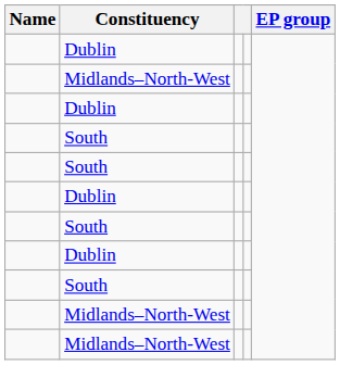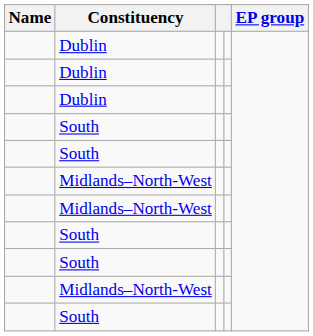 <table class="wikitable sortable">
 <tr>
 <th>Name</th>
 <th>Constituency</th>
 <th colspan=2></th>
 <th colspan=2><a href='#'>EP group</a></th>
 </tr>
 <tr>
 <td></td>
 <td><a href='#'>Dublin</a></td>
 <td></td>
 <td></td>
 </tr>
 <tr>
 <td></td>
-<td><a href='#'>Midlands–North-West</a></td>
+<td><a href='#'>Dublin</a></td>
 <td></td>
 <td></td>
 </tr>
 <tr>
 <td></td>
 <td><a href='#'>Dublin</a></td>
 <td></td>
 <td></td>
 </tr>
 <tr>
 <td></td>
 <td><a href='#'>South</a></td>
 <td></td>
 <td></td>
 </tr>
 <tr>
 <td></td>
 <td><a href='#'>South</a></td>
 <td></td>
 <td></td>
 </tr>
 <tr>
 <td></td>
-<td><a href='#'>Dublin</a></td>
+<td><a href='#'>Midlands–North-West</a></td>
+<td></td>
+<td></td>
+</tr>
+<tr>
+<td></td>
+<td><a href='#'>Midlands–North-West</a></td>
 <td></td>
 <td></td>
 </tr>
 <tr>
 <td></td>
 <td><a href='#'>South</a></td>
-<td></td>
-<td></td>
-</tr>
-<tr>
-<td></td>
-<td><a href='#'>Dublin</a></td>
 <td></td>
 <td></td>
 </tr>
 <tr>
 <td></td>
 <td><a href='#'>South</a></td>
 <td></td>
 <td></td>
 </tr>
 <tr>
 <td></td>
 <td><a href='#'>Midlands–North-West</a></td>
 <td></td>
 <td></td>
 </tr>
 <tr>
 <td></td>
-<td><a href='#'>Midlands–North-West</a></td>
+<td><a href='#'>South</a></td>
 <td></td>
 <td></td>
 </tr>
 </table>
